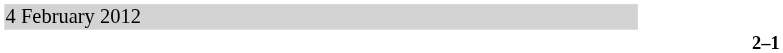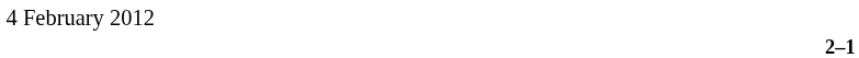 <table width=100% cellspacing=1>
 <tr>
 <th width=25%></th>
 <th width=10%></th>
 <th></th>
 </tr>
 <tr>
-<td style="background: lightgrey;">4 February 2012</td>
+<td>4 February 2012</td>
 </tr>
 <tr style=font-size:90%>
 <td align=right><strong></strong></td>
 <td align=center><strong>2–1</strong></td>
 <td><strong></strong></td>
 </tr>
 </table>
